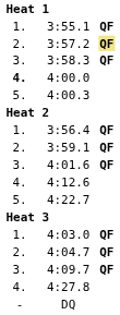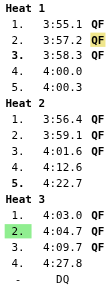 <table style="text-align:center">
 <tr>
 <td colspan=4 align=left><strong>Heat 1</strong></td>
 </tr>
 <tr>
 <td width=30>1.</td>
 <td align=left></td>
 <td width=60>3:55.1</td>
 <td><strong>QF</strong></td>
 </tr>
 <tr>
 <td>2.</td>
 <td align=left></td>
 <td>3:57.2</td>
 <td style="background: khaki;"><strong>QF</strong></td>
 </tr>
 <tr>
-<td>3.</td>
+<td><strong>3.</strong></td>
 <td align=left></td>
 <td>3:58.3</td>
 <td><strong>QF</strong></td>
 </tr>
 <tr>
-<td><strong>4.</strong></td>
+<td>4.</td>
 <td align=left></td>
 <td>4:00.0</td>
 <td></td>
 </tr>
 <tr>
 <td>5.</td>
 <td align=left></td>
 <td>4:00.3</td>
 <td></td>
 </tr>
 <tr>
 <td colspan=4 align=left><strong>Heat 2</strong></td>
 </tr>
 <tr>
 <td>1.</td>
 <td align=left></td>
 <td>3:56.4</td>
 <td><strong>QF</strong></td>
 </tr>
 <tr>
 <td>2.</td>
 <td align=left></td>
 <td>3:59.1</td>
 <td><strong>QF</strong></td>
 </tr>
 <tr>
 <td>3.</td>
 <td align=left></td>
 <td>4:01.6</td>
 <td><strong>QF</strong></td>
 </tr>
 <tr>
 <td>4.</td>
 <td align=left></td>
 <td>4:12.6</td>
 <td></td>
 </tr>
 <tr>
-<td>5.</td>
+<td><strong>5.</strong></td>
 <td align=left></td>
 <td>4:22.7</td>
 <td></td>
 </tr>
 <tr>
 <td colspan=4 align=left><strong>Heat 3</strong></td>
 </tr>
 <tr>
 <td>1.</td>
 <td align=left></td>
 <td>4:03.0</td>
 <td><strong>QF</strong></td>
 </tr>
 <tr>
-<td>2.</td>
+<td style="background: lightgreen;">2.</td>
 <td align=left></td>
 <td>4:04.7</td>
 <td><strong>QF</strong></td>
 </tr>
 <tr>
 <td>3.</td>
 <td align=left></td>
 <td>4:09.7</td>
 <td><strong>QF</strong></td>
 </tr>
 <tr>
 <td>4.</td>
 <td align=left></td>
 <td>4:27.8</td>
 <td></td>
 </tr>
 <tr>
 <td>-</td>
 <td align=left></td>
 <td>DQ</td>
 <td></td>
 </tr>
 </table>
